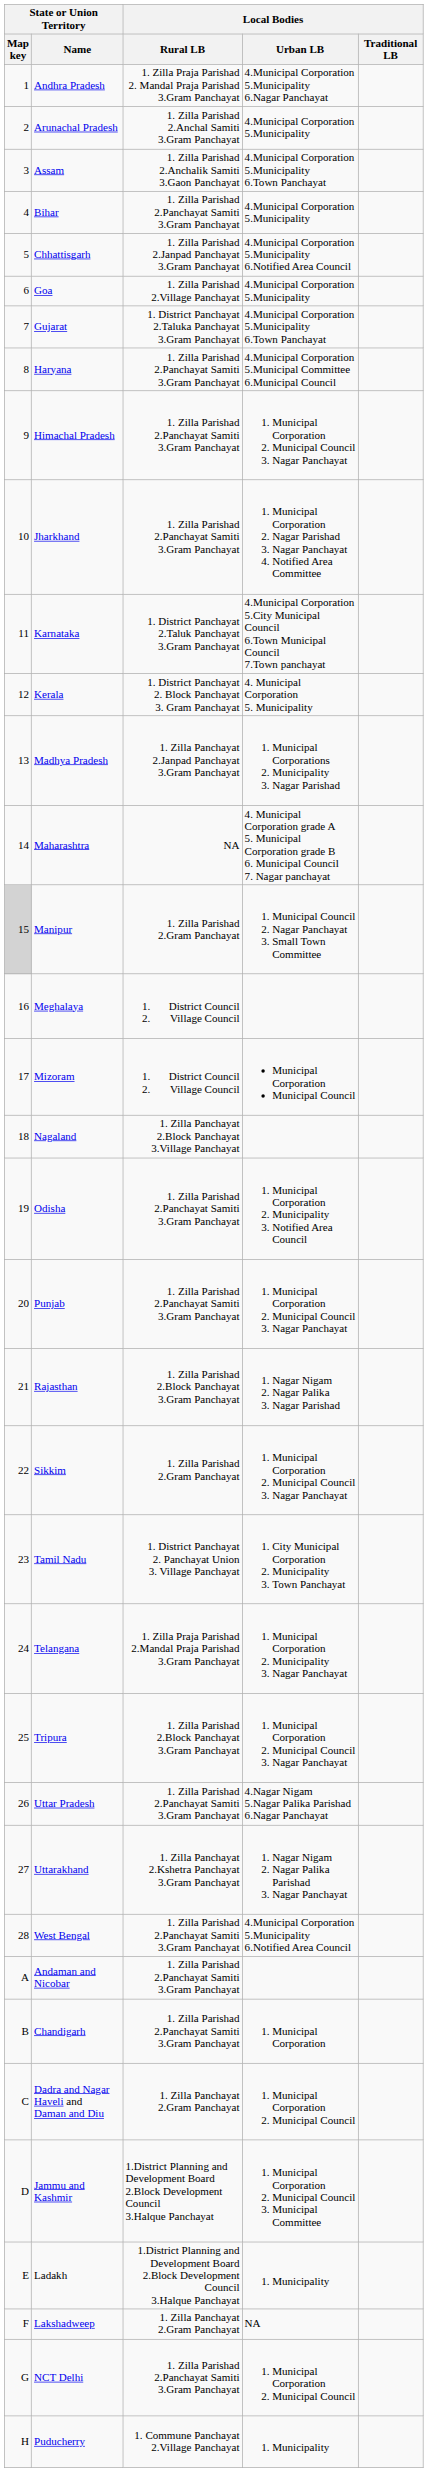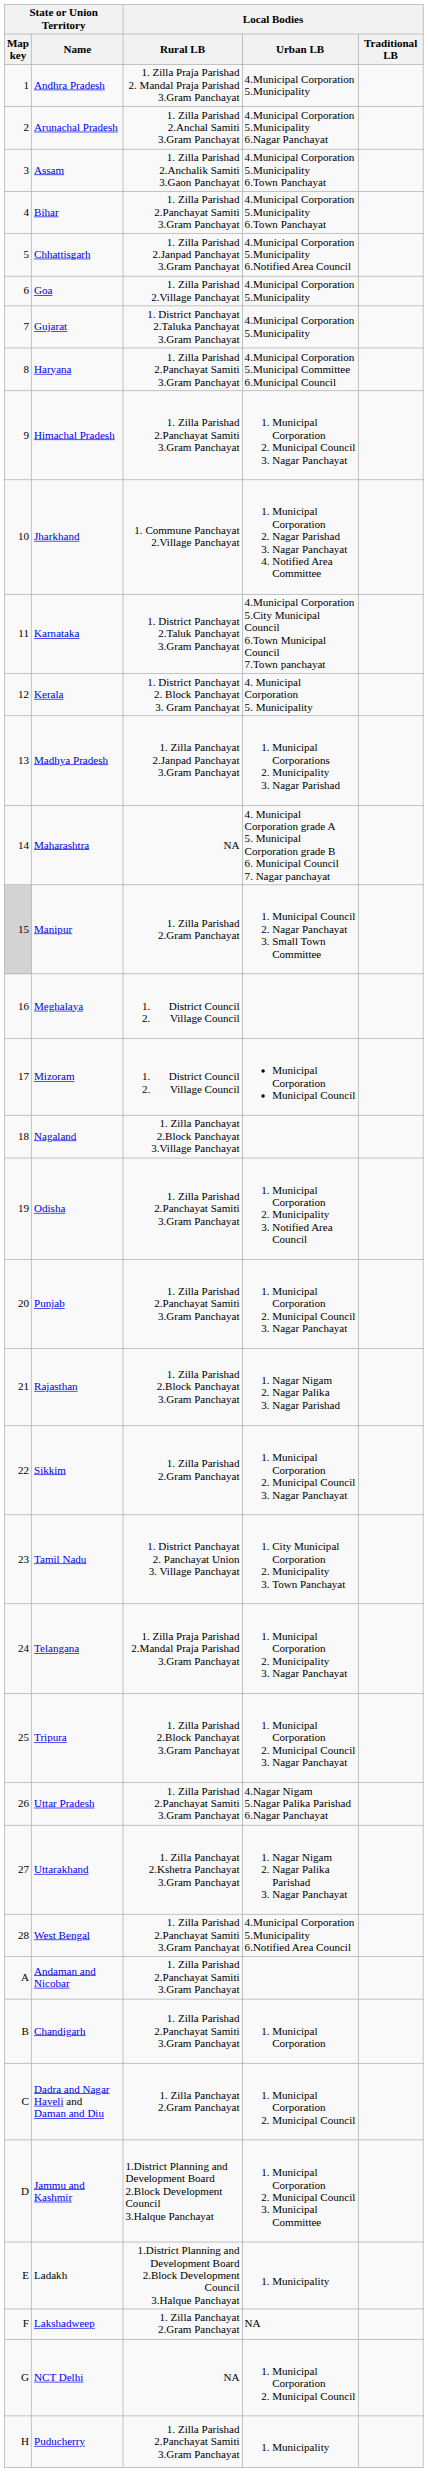 <table class="wikitable sortable">
 <tr class="sortttop">
 <th colspan="2" scope="col">State or Union Territory</th>
 <th colspan="3" scope="col">Local Bodies</th>
 </tr>
 <tr class="sortttop">
 <th scope="col">Map<br> key</th>
 <th scope="col">Name</th>
 <th scope="col">Rural LB</th>
 <th>Urban LB</th>
 <th>Traditional LB</th>
 </tr>
 <tr>
 <td style="text-align:right">1</td>
 <td><a href='#'>Andhra Pradesh</a></td>
 <td style="text-align:right">1. Zilla Praja Parishad<br>2. Mandal Praja Parishad<br>3.Gram Panchayat</td>
-<td>4.Municipal Corporation<br>5.Municipality<br>6.Nagar Panchayat</td>
+<td>4.Municipal Corporation<br>5.Municipality <br></td>
 <td></td>
 </tr>
 <tr>
 <td style="text-align:right">2</td>
 <td><a href='#'>Arunachal Pradesh</a></td>
 <td style="text-align:right">1. Zilla Parishad<br>2.Anchal  Samiti<br>3.Gram Panchayat</td>
-<td>4.Municipal Corporation<br>5.Municipality <br></td>
+<td>4.Municipal Corporation<br>5.Municipality<br>6.Nagar Panchayat</td>
 <td></td>
 </tr>
 <tr>
 <td style="text-align:right">3</td>
 <td><a href='#'>Assam</a></td>
 <td style="text-align:right">1. Zilla Parishad<br>2.Anchalik  Samiti<br>3.Gaon Panchayat</td>
 <td>4.Municipal Corporation<br>5.Municipality<br>6.Town Panchayat</td>
 <td></td>
 </tr>
 <tr>
 <td style="text-align:right">4</td>
 <td><a href='#'>Bihar</a></td>
 <td style="text-align:right">1. Zilla Parishad<br>2.Panchayat  Samiti<br>3.Gram Panchayat</td>
-<td>4.Municipal Corporation<br>5.Municipality <br></td>
+<td>4.Municipal Corporation<br>5.Municipality<br>6.Town Panchayat</td>
 <td></td>
 </tr>
 <tr>
 <td style="text-align:right">5</td>
 <td><a href='#'>Chhattisgarh</a></td>
 <td style="text-align:right">1. Zilla Parishad<br>2.Janpad Panchayat<br>3.Gram Panchayat</td>
 <td>4.Municipal Corporation<br>5.Municipality<br>6.Notified Area Council</td>
 <td></td>
 </tr>
 <tr>
 <td style="text-align:right">6</td>
 <td><a href='#'>Goa</a></td>
 <td style="text-align:right">1. Zilla Parishad<br>2.Village Panchayat</td>
 <td>4.Municipal Corporation<br>5.Municipality <br></td>
 <td></td>
 </tr>
 <tr>
 <td style="text-align:right">7</td>
 <td><a href='#'>Gujarat</a></td>
 <td style="text-align:right">1. District Panchayat<br>2.Taluka Panchayat<br>3.Gram Panchayat</td>
-<td>4.Municipal Corporation<br>5.Municipality<br>6.Town Panchayat</td>
+<td>4.Municipal Corporation<br>5.Municipality <br></td>
 <td></td>
 </tr>
 <tr>
 <td style="text-align:right">8</td>
 <td><a href='#'>Haryana</a></td>
 <td style="text-align:right">1. Zilla Parishad<br>2.Panchayat  Samiti<br>3.Gram Panchayat</td>
 <td>4.Municipal Corporation<br>5.Municipal Committee<br>6.Municipal Council  <br></td>
 <td></td>
 </tr>
 <tr>
 <td style="text-align:right">9</td>
 <td><a href='#'>Himachal Pradesh</a></td>
 <td style="text-align:right">1. Zilla Parishad<br>2.Panchayat  Samiti<br>3.Gram Panchayat</td>
 <td><br><ol><li>Municipal Corporation</li><li>Municipal Council</li><li>Nagar Panchayat</li></ol></td>
 <td></td>
 </tr>
 <tr>
 <td style="text-align:right">10</td>
 <td><a href='#'>Jharkhand</a></td>
-<td style="text-align:right">1. Zilla Parishad<br>2.Panchayat  Samiti<br>3.Gram Panchayat</td>
+<td style="text-align:right">1. Commune Panchayat<br>2.Village Panchayat</td>
 <td><br><ol><li>Municipal Corporation</li><li>Nagar Parishad</li><li>Nagar Panchayat</li><li>Notified Area Committee</li></ol></td>
 <td></td>
 </tr>
 <tr>
 <td style="text-align:right">11</td>
 <td><a href='#'>Karnataka</a></td>
 <td style="text-align:right">1. District Panchayat<br>2.Taluk Panchayat<br>3.Gram Panchayat</td>
 <td>4.Municipal Corporation<br>5.City Municipal Council<br>6.Town Municipal Council<br>7.Town panchayat <br></td>
 <td></td>
 </tr>
 <tr>
 <td style="text-align:right">12</td>
 <td><a href='#'>Kerala</a></td>
 <td style="text-align:right">1. District Panchayat<br>2. Block Panchayat<br>3. Gram Panchayat</td>
 <td>4. Municipal Corporation<br>5. Municipality<br></td>
 <td></td>
 </tr>
 <tr>
 <td style="text-align:right">13</td>
 <td><a href='#'>Madhya Pradesh</a></td>
 <td style="text-align:right">1. Zilla Panchayat<br>2.Janpad Panchayat<br>3.Gram Panchayat</td>
 <td><br><ol><li>Municipal Corporations</li><li>Municipality</li><li>Nagar Parishad</li></ol></td>
 <td></td>
 </tr>
 <tr>
 <td style="text-align:right">14</td>
 <td><a href='#'>Maharashtra</a></td>
 <td style="text-align:right">NA</td>
 <td>4. Municipal Corporation grade A<br>5. Municipal    Corporation grade B<br>6. Municipal Council<br>7. Nagar panchayat<br></td>
 <td></td>
 </tr>
 <tr>
 <td style="background: lightgrey; text-align:right">15</td>
 <td><a href='#'>Manipur</a></td>
 <td style="text-align:right">1. Zilla Parishad<br>2.Gram Panchayat</td>
 <td><br><ol><li>Municipal Council</li><li>Nagar Panchayat</li><li>Small Town Committee</li></ol></td>
 <td></td>
 </tr>
 <tr>
 <td style="text-align:right">16</td>
 <td><a href='#'>Meghalaya</a></td>
 <td style="text-align:right"><br><ol><li>District Council</li><li>Village Council</li></ol></td>
 <td></td>
 <td></td>
 </tr>
 <tr>
 <td style="text-align:right">17</td>
 <td><a href='#'>Mizoram</a></td>
 <td style="text-align:right"><br><ol><li>District Council</li><li>Village Council</li></ol></td>
 <td><br><ul><li>Municipal Corporation</li><li>Municipal Council</li></ul></td>
 <td></td>
 </tr>
 <tr>
 <td style="text-align:right">18</td>
 <td><a href='#'>Nagaland</a></td>
 <td style="text-align:right">1. Zilla Panchayat<br>2.Block Panchayat<br>3.Village Panchayat</td>
 <td></td>
 <td></td>
 </tr>
 <tr>
 <td style="text-align:right">19</td>
 <td><a href='#'>Odisha</a></td>
 <td style="text-align:right">1. Zilla Parishad<br>2.Panchayat  Samiti<br>3.Gram Panchayat</td>
 <td><br><ol><li>Municipal Corporation</li><li>Municipality</li><li>Notified Area Council</li></ol></td>
 <td></td>
 </tr>
 <tr>
 <td style="text-align:right">20</td>
 <td><a href='#'>Punjab</a></td>
 <td style="text-align:right">1. Zilla Parishad<br>2.Panchayat  Samiti<br>3.Gram Panchayat</td>
 <td><br><ol><li>Municipal Corporation</li><li>Municipal Council</li><li>Nagar Panchayat</li></ol></td>
 <td></td>
 </tr>
 <tr>
 <td style="text-align:right">21</td>
 <td><a href='#'>Rajasthan</a></td>
 <td style="text-align:right">1. Zilla Parishad<br>2.Block Panchayat<br>3.Gram Panchayat</td>
 <td><br><ol><li>Nagar Nigam</li><li>Nagar Palika</li><li>Nagar Parishad</li></ol></td>
 <td></td>
 </tr>
 <tr>
 <td style="text-align:right">22</td>
 <td><a href='#'>Sikkim</a></td>
 <td style="text-align:right">1. Zilla Parishad<br>2.Gram Panchayat</td>
 <td><br><ol><li>Municipal Corporation</li><li>Municipal Council</li><li>Nagar Panchayat</li></ol></td>
 <td></td>
 </tr>
 <tr>
 <td style="text-align:right">23</td>
 <td><a href='#'>Tamil Nadu</a></td>
 <td style="text-align:right">1. District Panchayat<br>2. Panchayat  Union<br>3. Village Panchayat</td>
 <td><br><ol><li>City Municipal Corporation</li><li>Municipality</li><li>Town Panchayat</li></ol></td>
 <td></td>
 </tr>
 <tr>
 <td style="text-align:right">24</td>
 <td><a href='#'>Telangana</a></td>
 <td style="text-align:right">1. Zilla Praja Parishad<br>2.Mandal Praja Parishad<br>3.Gram Panchayat</td>
 <td><br><ol><li>Municipal Corporation</li><li>Municipality</li><li>Nagar Panchayat</li></ol></td>
 <td></td>
 </tr>
 <tr>
 <td style="text-align:right">25</td>
 <td><a href='#'>Tripura</a></td>
 <td style="text-align:right">1. Zilla Parishad<br>2.Block Panchayat<br>3.Gram Panchayat</td>
 <td><br><ol><li>Municipal Corporation</li><li>Municipal Council</li><li>Nagar Panchayat</li></ol></td>
 <td></td>
 </tr>
 <tr>
 <td style="text-align:right">26</td>
 <td><a href='#'>Uttar Pradesh</a></td>
 <td style="text-align:right">1. Zilla Parishad<br>2.Panchayat  Samiti<br>3.Gram Panchayat</td>
 <td>4.Nagar Nigam<br>5.Nagar Palika Parishad<br>6.Nagar Panchayat  <br></td>
 <td></td>
 </tr>
 <tr>
 <td style="text-align:right">27</td>
 <td><a href='#'>Uttarakhand</a></td>
 <td style="text-align:right">1. Zilla Panchayat<br>2.Kshetra Panchayat<br>3.Gram Panchayat</td>
 <td><br><ol><li>Nagar Nigam</li><li>Nagar Palika Parishad</li><li>Nagar Panchayat</li></ol></td>
 <td></td>
 </tr>
 <tr>
 <td style="text-align:right">28</td>
 <td><a href='#'>West Bengal</a></td>
 <td style="text-align:right">1. Zilla Parishad<br>2.Panchayat  Samiti<br>3.Gram Panchayat</td>
 <td>4.Municipal Corporation<br>5.Municipality<br>6.Notified Area Council</td>
 <td></td>
 </tr>
 <tr>
 <td style="text-align:right">A</td>
 <td><a href='#'>Andaman and Nicobar</a></td>
 <td style="text-align:right">1. Zilla Parishad<br>2.Panchayat  Samiti<br>3.Gram Panchayat</td>
 <td></td>
 <td></td>
 </tr>
 <tr>
 <td style="text-align:right">B</td>
 <td><a href='#'>Chandigarh</a></td>
 <td style="text-align:right">1. Zilla Parishad<br>2.Panchayat  Samiti<br>3.Gram Panchayat</td>
 <td><br><ol><li>Municipal Corporation</li></ol></td>
 <td></td>
 </tr>
 <tr>
 <td style="text-align:right">C</td>
 <td><a href='#'>Dadra and Nagar Haveli</a> and<br><a href='#'>Daman and Diu</a></td>
 <td style="text-align:right">1. Zilla Panchayat<br>2.Gram Panchayat</td>
 <td><br><ol><li>Municipal Corporation</li><li>Municipal Council</li></ol></td>
 <td></td>
 </tr>
 <tr>
 <td style="text-align:right">D</td>
 <td><a href='#'>Jammu and Kashmir</a></td>
 <td>1.District Planning and Development Board<br>2.Block Development Council<br>3.Halque Panchayat</td>
 <td><br><ol><li>Municipal Corporation</li><li>Municipal Council</li><li>Municipal Committee</li></ol></td>
 <td></td>
 </tr>
 <tr>
 <td style="text-align:right">E</td>
 <td>Ladakh</td>
 <td style="text-align:right">1.District Planning and Development Board<br>2.Block Development Council<br>3.Halque Panchayat</td>
 <td><br><ol><li>Municipality</li></ol></td>
 <td></td>
 </tr>
 <tr>
 <td style="text-align:right">F</td>
 <td><a href='#'>Lakshadweep</a></td>
 <td style="text-align:right">1. Zilla Panchayat<br>2.Gram Panchayat</td>
 <td>NA</td>
 <td></td>
 </tr>
 <tr>
 <td style="text-align:right">G</td>
 <td><a href='#'>NCT Delhi</a></td>
-<td style="text-align:right">1. Zilla Parishad<br>2.Panchayat  Samiti<br>3.Gram Panchayat</td>
+<td style="text-align:right">NA</td>
 <td><br><ol><li>Municipal Corporation</li><li>Municipal Council</li></ol></td>
 <td></td>
 </tr>
 <tr>
 <td style="text-align:right">H</td>
 <td><a href='#'>Puducherry</a></td>
-<td style="text-align:right">1. Commune Panchayat<br>2.Village Panchayat</td>
+<td style="text-align:right">1. Zilla Parishad<br>2.Panchayat  Samiti<br>3.Gram Panchayat</td>
 <td><br><ol><li>Municipality</li></ol></td>
 <td></td>
 </tr>
 </table>
